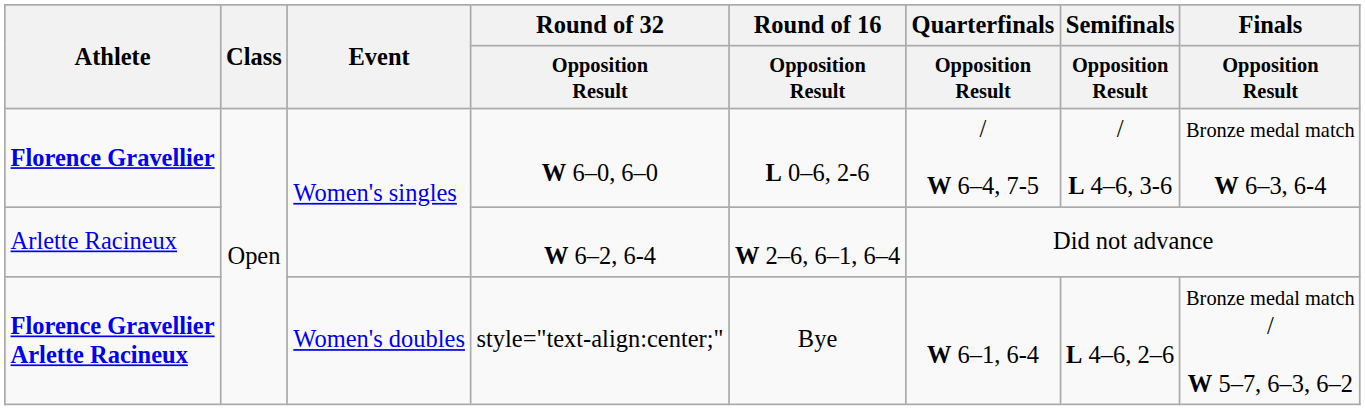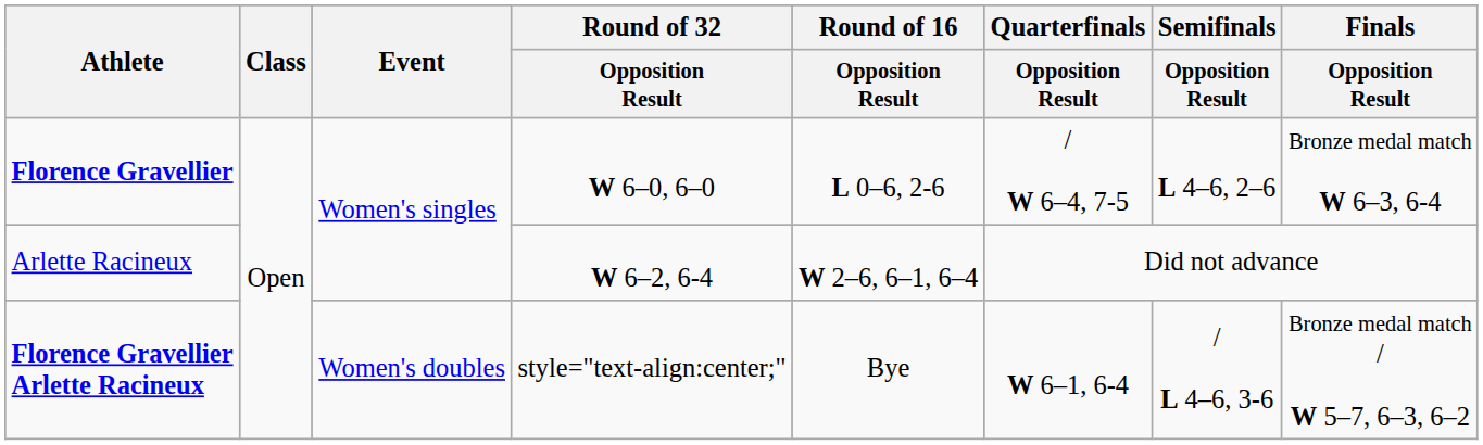 <table class=wikitable style="font-size:90%">
 <tr>
 <th rowspan="2">Athlete</th>
 <th rowspan="2">Class</th>
 <th rowspan="2">Event</th>
 <th>Round of 32</th>
 <th>Round of 16</th>
 <th>Quarterfinals</th>
 <th>Semifinals</th>
 <th>Finals</th>
 </tr>
 <tr>
 <th style="line-height:1em"><small>Opposition<br>Result</small></th>
 <th style="line-height:1em"><small>Opposition<br>Result</small></th>
 <th style="line-height:1em"><small>Opposition<br>Result</small></th>
 <th style="line-height:1em"><small>Opposition<br>Result</small></th>
 <th style="line-height:1em"><small>Opposition<br>Result</small></th>
 </tr>
 <tr>
 <td><strong><a href='#'>Florence Gravellier</a></strong></td>
 <td rowspan="3" style="text-align:center;">Open</td>
 <td rowspan="2"><a href='#'>Women's singles</a></td>
 <td style="text-align:center;"><br><strong>W</strong> 6–0, 6–0</td>
 <td style="text-align:center;"><br><strong>L</strong> 0–6, 2-6</td>
 <td style="text-align:center;"> /<br> <br><strong>W</strong> 6–4, 7-5</td>
-<td style="text-align:center;"> /<br> <br><strong>L</strong> 4–6, 3-6</td>
+<td style="text-align:center;"><br><strong>L</strong> 4–6, 2–6</td>
 <td style="text-align:center;"><small>Bronze medal match</small><br><br><strong>W</strong> 6–3, 6-4 </td>
 </tr>
 <tr>
 <td><a href='#'>Arlette Racineux</a></td>
 <td style="text-align:center;"><br><strong>W</strong> 6–2, 6-4</td>
 <td style="text-align:center;"><br><strong>W</strong> 2–6, 6–1, 6–4</td>
 <td style="text-align:center;" colspan="3">Did not advance</td>
 </tr>
 <tr>
 <td><strong><a href='#'>Florence Gravellier</a></strong><br> <strong><a href='#'>Arlette Racineux</a></strong></td>
 <td><a href='#'>Women's doubles</a></td>
 <td>style="text-align:center;" </td>
 <td style="text-align:center;">Bye</td>
 <td style="text-align:center;"><br><strong>W</strong> 6–1, 6-4</td>
-<td style="text-align:center;"><br><strong>L</strong> 4–6, 2–6</td>
+<td style="text-align:center;"> /<br> <br><strong>L</strong> 4–6, 3-6</td>
 <td style="text-align:center;"><small>Bronze medal match</small><br> /<br> <br><strong>W</strong> 5–7, 6–3, 6–2 </td>
 </tr>
 </table>
